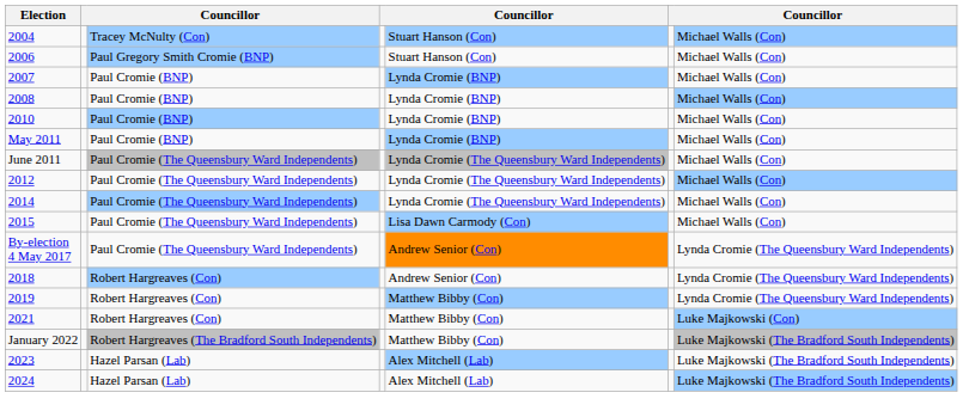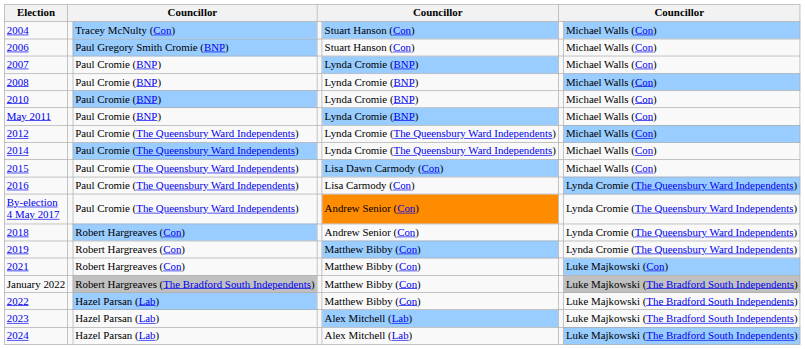 <table class="wikitable">
 <tr>
 <th>Election</th>
 <th colspan="2">Councillor</th>
 <th colspan="2">Councillor</th>
 <th colspan="2">Councillor</th>
 </tr>
 <tr>
 <td><a href='#'>2004</a></td>
 <td style="background-color: "></td>
 <td bgcolor="#99CCFF">Tracey McNulty (<a href='#'>Con</a>)</td>
 <td style="background-color: "></td>
 <td bgcolor="#99CCFF">Stuart Hanson (<a href='#'>Con</a>)</td>
 <td style="background-color: "></td>
 <td bgcolor="#99CCFF">Michael Walls (<a href='#'>Con</a>)</td>
 </tr>
 <tr>
 <td><a href='#'>2006</a></td>
 <td style="background-color: "></td>
 <td bgcolor="#99CCFF">Paul Gregory Smith Cromie (<a href='#'>BNP</a>)</td>
 <td style="background-color: "></td>
 <td>Stuart Hanson (<a href='#'>Con</a>)</td>
 <td style="background-color: "></td>
 <td>Michael Walls (<a href='#'>Con</a>)</td>
 </tr>
 <tr>
 <td><a href='#'>2007</a></td>
 <td style="background-color: "></td>
 <td>Paul Cromie (<a href='#'>BNP</a>)</td>
 <td style="background-color: "></td>
 <td bgcolor="#99CCFF">Lynda Cromie (<a href='#'>BNP</a>)</td>
 <td style="background-color: "></td>
 <td>Michael Walls (<a href='#'>Con</a>)</td>
 </tr>
 <tr>
 <td><a href='#'>2008</a></td>
 <td style="background-color: "></td>
 <td>Paul Cromie (<a href='#'>BNP</a>)</td>
 <td style="background-color: "></td>
 <td>Lynda Cromie (<a href='#'>BNP</a>)</td>
 <td style="background-color: "></td>
 <td bgcolor="#99CCFF">Michael Walls (<a href='#'>Con</a>)</td>
 </tr>
 <tr>
 <td><a href='#'>2010</a></td>
 <td style="background-color: "></td>
 <td bgcolor="#99CCFF">Paul Cromie (<a href='#'>BNP</a>)</td>
 <td style="background-color: "></td>
 <td>Lynda Cromie (<a href='#'>BNP</a>)</td>
 <td style="background-color: "></td>
 <td>Michael Walls (<a href='#'>Con</a>)</td>
 </tr>
 <tr>
 <td><a href='#'>May 2011</a></td>
 <td style="background-color: "></td>
 <td>Paul Cromie (<a href='#'>BNP</a>)</td>
 <td style="background-color: "></td>
 <td bgcolor="#99CCFF">Lynda Cromie (<a href='#'>BNP</a>)</td>
 <td style="background-color: "></td>
 <td>Michael Walls (<a href='#'>Con</a>)</td>
 </tr>
 <tr>
-<td>June 2011</td>
-<td style="background-color: "></td>
-<td bgcolor="#C0C0C0">Paul Cromie (<a href='#'>The Queensbury Ward Independents</a>)</td>
-<td style="background-color: "></td>
-<td bgcolor="#C0C0C0">Lynda Cromie (<a href='#'>The Queensbury Ward Independents</a>)</td>
-<td style="background-color: "></td>
-<td>Michael Walls (<a href='#'>Con</a>)</td>
-</tr>
-<tr>
 <td><a href='#'>2012</a></td>
 <td style="background-color: "></td>
 <td>Paul Cromie (<a href='#'>The Queensbury Ward Independents</a>)</td>
 <td style="background-color: "></td>
 <td>Lynda Cromie (<a href='#'>The Queensbury Ward Independents</a>)</td>
 <td style="background-color: "></td>
 <td bgcolor="#99CCFF">Michael Walls (<a href='#'>Con</a>)</td>
 </tr>
 <tr>
 <td><a href='#'>2014</a></td>
 <td style="background-color: "></td>
 <td bgcolor="#99CCFF">Paul Cromie (<a href='#'>The Queensbury Ward Independents</a>)</td>
 <td style="background-color: "></td>
 <td>Lynda Cromie (<a href='#'>The Queensbury Ward Independents</a>)</td>
 <td style="background-color: "></td>
 <td>Michael Walls (<a href='#'>Con</a>)</td>
 </tr>
 <tr>
 <td><a href='#'>2015</a></td>
 <td style="background-color: "></td>
 <td>Paul Cromie (<a href='#'>The Queensbury Ward Independents</a>)</td>
 <td style="background-color: "></td>
 <td bgcolor="#99CCFF">Lisa Dawn Carmody (<a href='#'>Con</a>)</td>
 <td style="background-color: "></td>
 <td>Michael Walls (<a href='#'>Con</a>)</td>
+</tr>
+<tr>
+<td><a href='#'>2016</a></td>
+<td style="background-color: "></td>
+<td>Paul Cromie (<a href='#'>The Queensbury Ward Independents</a>)</td>
+<td style="background-color: "></td>
+<td>Lisa Carmody (<a href='#'>Con</a>)</td>
+<td style="background-color: "></td>
+<td bgcolor="#99CCFF">Lynda Cromie (<a href='#'>The Queensbury Ward Independents</a>)</td>
 </tr>
 <tr>
 <td><a href='#'>By-election<br>4 May 2017</a></td>
 <td style="background-color: "></td>
 <td>Paul Cromie (<a href='#'>The Queensbury Ward Independents</a>)</td>
 <td style="background-color: "></td>
 <td bgcolor="#FF8C00">Andrew Senior (<a href='#'>Con</a>)</td>
 <td style="background-color: "></td>
 <td>Lynda Cromie (<a href='#'>The Queensbury Ward Independents</a>)</td>
 </tr>
 <tr>
 <td><a href='#'>2018</a></td>
 <td style="background-color: "></td>
 <td bgcolor="#99CCFF">Robert Hargreaves (<a href='#'>Con</a>)</td>
 <td style="background-color: "></td>
 <td>Andrew Senior (<a href='#'>Con</a>)</td>
 <td style="background-color: "></td>
 <td>Lynda Cromie (<a href='#'>The Queensbury Ward Independents</a>)</td>
 </tr>
 <tr>
 <td><a href='#'>2019</a></td>
 <td style="background-color: "></td>
 <td>Robert Hargreaves (<a href='#'>Con</a>)</td>
 <td style="background-color: "></td>
 <td bgcolor="#99CCFF">Matthew Bibby (<a href='#'>Con</a>)</td>
 <td style="background-color: "></td>
 <td>Lynda Cromie (<a href='#'>The Queensbury Ward Independents</a>)</td>
 </tr>
 <tr>
 <td><a href='#'>2021</a></td>
 <td style="background-color: "></td>
 <td>Robert Hargreaves (<a href='#'>Con</a>)</td>
 <td style="background-color: "></td>
 <td>Matthew Bibby (<a href='#'>Con</a>)</td>
 <td style="background-color: "></td>
 <td bgcolor="#99CCFF">Luke Majkowski (<a href='#'>Con</a>)</td>
 </tr>
 <tr>
 <td>January 2022</td>
 <td style="background-color: "></td>
 <td bgcolor="#C0C0C0">Robert Hargreaves (<a href='#'>The Bradford South Independents</a>)</td>
 <td style="background-color: "></td>
 <td>Matthew Bibby (<a href='#'>Con</a>)</td>
 <td style="background-color: "></td>
 <td bgcolor="#C0C0C0">Luke Majkowski (<a href='#'>The Bradford South Independents</a>)</td>
 </tr>
 <tr>
+<td><a href='#'>2022</a></td>
+<td style="background-color: "></td>
+<td bgcolor="#99CCFF">Hazel Parsan (<a href='#'>Lab</a>)</td>
+<td style="background-color: "></td>
+<td>Matthew Bibby (<a href='#'>Con</a>)</td>
+<td style="background-color: "></td>
+<td>Luke Majkowski (<a href='#'>The Bradford South Independents</a>)</td>
+</tr>
+<tr>
 <td><a href='#'>2023</a></td>
 <td style="background-color: "></td>
 <td>Hazel Parsan (<a href='#'>Lab</a>)</td>
 <td style="background-color: "></td>
 <td bgcolor="#99CCFF">Alex Mitchell (<a href='#'>Lab</a>)</td>
 <td style="background-color: "></td>
 <td>Luke Majkowski (<a href='#'>The Bradford South Independents</a>)</td>
 </tr>
 <tr>
 <td><a href='#'>2024</a></td>
 <td style="background-color: "></td>
 <td>Hazel Parsan (<a href='#'>Lab</a>)</td>
 <td style="background-color: "></td>
 <td>Alex Mitchell (<a href='#'>Lab</a>)</td>
 <td style="background-color: "></td>
 <td bgcolor="#99CCFF">Luke Majkowski (<a href='#'>The Bradford South Independents</a>)<br></td>
 </tr>
 </table>
